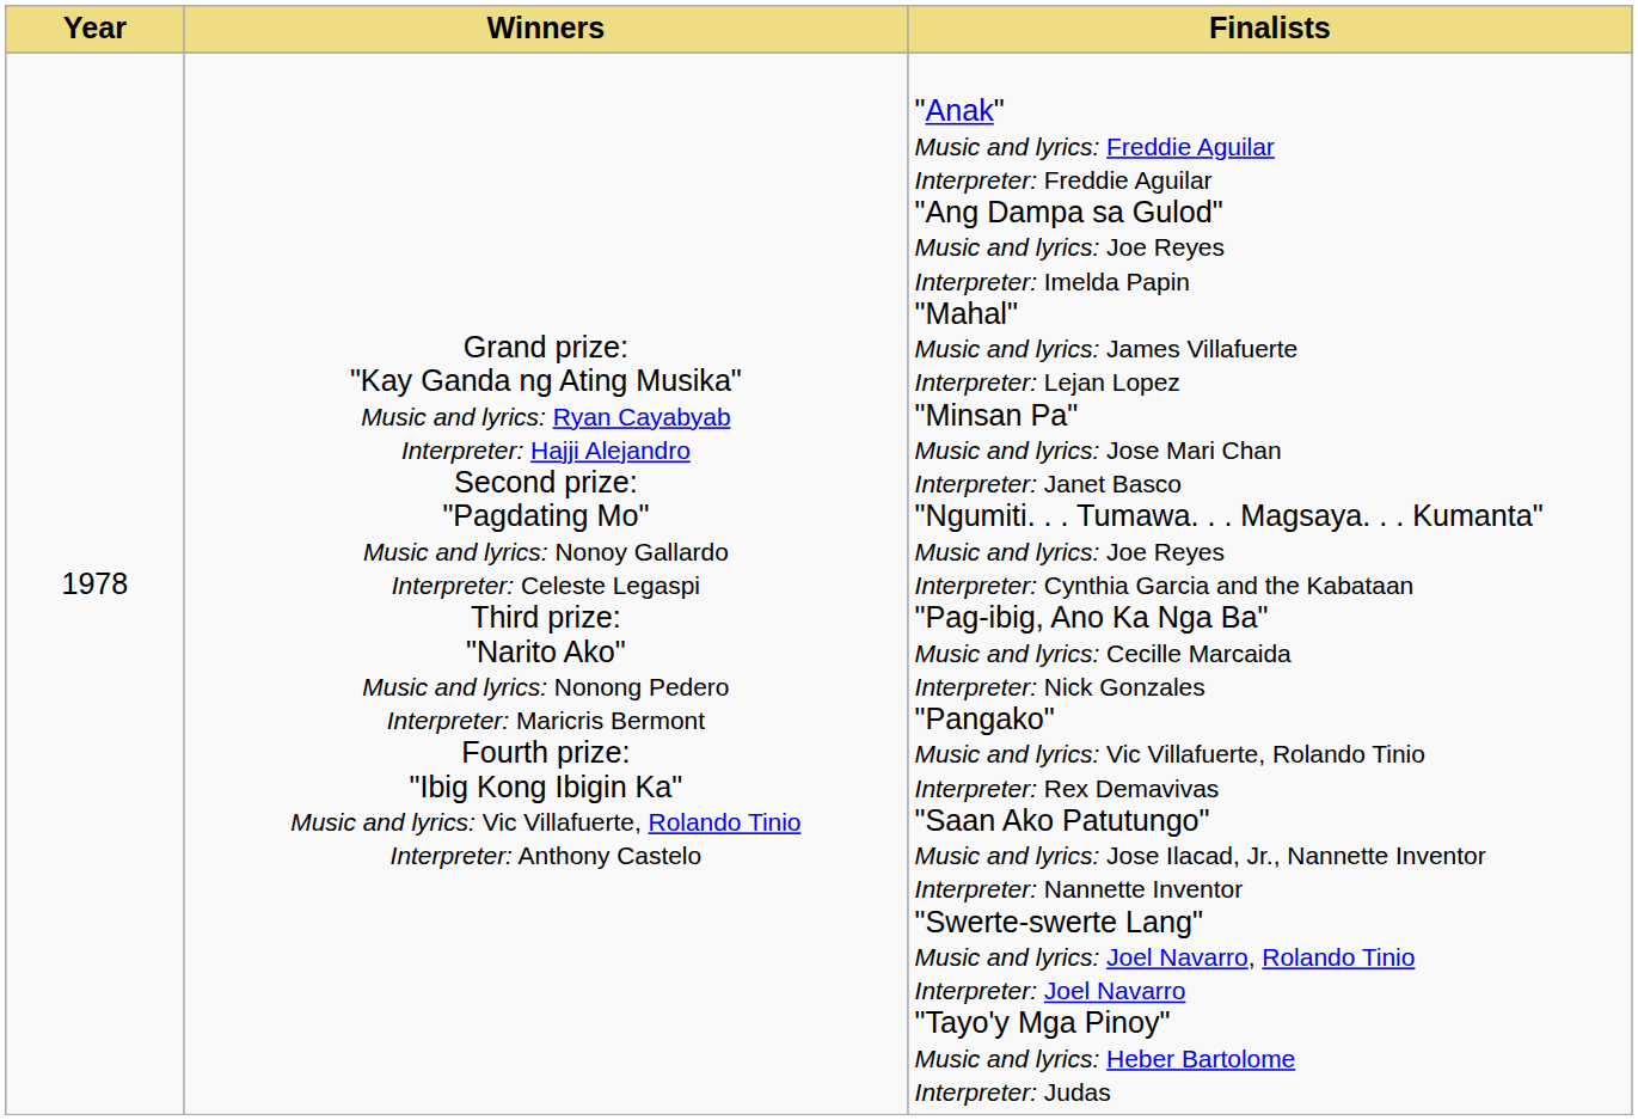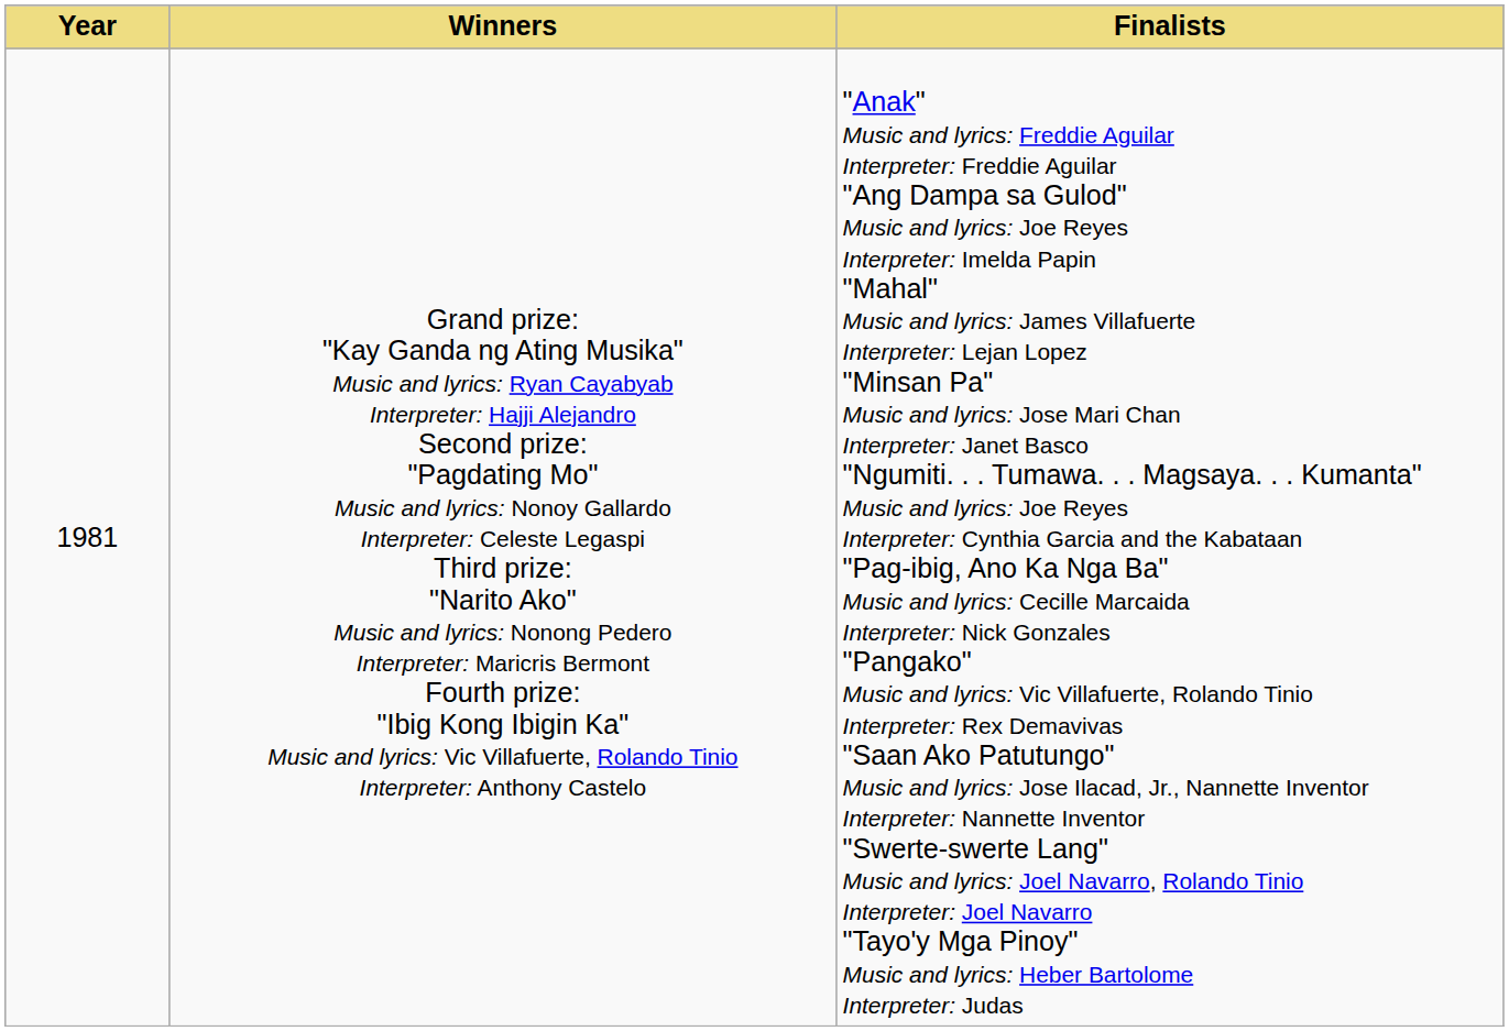 <table class="wikitable" border="1">
 <tr align=center bgcolor=lavender>
 <th style="background:#EEDD82;" width=100>Year</th>
 <th style="background:#EEDD82;" width=450>Winners</th>
 <th style="background:#EEDD82;" width=450>Finalists</th>
 </tr>
 <tr>
-<td align="center" valign="center">1978</td>
+<td align="center" valign="center">1981</td>
 <td align="center" valign="center"><br>Grand prize:<br>  "Kay Ganda ng Ating Musika"<br> <small><em>Music and lyrics:</em> <a href='#'>Ryan Cayabyab</a><br> <em>Interpreter:</em> <a href='#'>Hajji Alejandro</a></small><br>Second prize:<br> "Pagdating Mo"<br> <small><em>Music and lyrics:</em> Nonoy Gallardo<br> <em>Interpreter:</em> Celeste Legaspi</small><br>Third prize:<br> "Narito Ako"<br> <small><em>Music and lyrics:</em> Nonong Pedero<br> <em>Interpreter:</em> Maricris Bermont</small><br>Fourth prize:<br> "Ibig Kong Ibigin Ka"<br> <small><em>Music and lyrics:</em> Vic Villafuerte, <a href='#'>Rolando Tinio</a><br> <em>Interpreter:</em> Anthony Castelo</small></td>
 <td><br>"<a href='#'>Anak</a>"<br> <small><em>Music and lyrics:</em> <a href='#'>Freddie Aguilar</a><br> <em>Interpreter:</em> Freddie Aguilar</small> <br>"Ang Dampa sa Gulod"<br> <small><em>Music and lyrics:</em> Joe Reyes<br> <em>Interpreter:</em> Imelda Papin</small><br>"Mahal"<br> <small><em>Music and lyrics:</em> James Villafuerte<br> <em>Interpreter:</em> Lejan Lopez</small><br>"Minsan Pa"<br> <small><em>Music and lyrics:</em> Jose Mari Chan<br> <em>Interpreter:</em> Janet Basco</small><br>"Ngumiti. . . Tumawa. . . Magsaya. . . Kumanta"<br> <small><em>Music and lyrics:</em> Joe Reyes<br> <em>Interpreter:</em> Cynthia Garcia and the Kabataan</small><br>"Pag-ibig, Ano Ka Nga Ba"<br> <small><em>Music and lyrics:</em> Cecille Marcaida<br> <em>Interpreter:</em> Nick Gonzales</small><br>"Pangako"<br> <small><em>Music and lyrics:</em> Vic Villafuerte, Rolando Tinio<br> <em>Interpreter:</em> Rex Demavivas</small><br>"Saan Ako Patutungo"<br> <small><em>Music and lyrics:</em> Jose Ilacad, Jr., Nannette Inventor<br> <em>Interpreter:</em> Nannette Inventor</small><br>"Swerte-swerte Lang"<br> <small><em>Music and lyrics:</em> <a href='#'>Joel Navarro</a>, <a href='#'>Rolando Tinio</a><br> <em>Interpreter:</em> <a href='#'>Joel Navarro</a></small><br>"Tayo'y Mga Pinoy"<br> <small><em>Music and lyrics:</em> <a href='#'>Heber Bartolome</a><br> <em>Interpreter:</em> Judas</small></td>
 </tr>
 </table>
